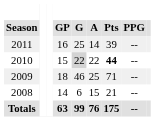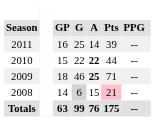 <table BORDER="0" CELLPADDING="3" CELLSPACING="0">
 <tr ALIGN="center" bgcolor="#e0e0e0">
 <th colspan="1" bgcolor="#ffffff"> </th>
 <th rowspan="99" bgcolor="#ffffff"> </th>
 <th rowspan="99" bgcolor="#ffffff"> </th>
 </tr>
 <tr ALIGN="center" bgcolor="#e0e0e0">
 <th>Season</th>
 <th>GP</th>
 <th>G</th>
 <th>A</th>
 <th>Pts</th>
 <th>PPG</th>
 <th></th>
 </tr>
 <tr ALIGN="center" bgcolor="#f0f0f0">
 <td>2011</td>
 <td>16</td>
 <td>25</td>
 <td>14</td>
 <td>39</td>
 <td>--</td>
 <td></td>
 </tr>
 <tr ALIGN="center">
 <td>2010</td>
 <td>15</td>
-<td style="background: lightgrey;">22</td>
 <td>22</td>
-<td><strong>44</strong></td>
+<td><strong>22</strong></td>
+<td>44</td>
 <td>--</td>
 <td></td>
 </tr>
 <tr ALIGN="center" bgcolor="#f0f0f0">
 <td>2009</td>
 <td>18</td>
 <td>46</td>
-<td>25</td>
+<td><strong>25</strong></td>
 <td>71</td>
 <td>--</td>
 <td></td>
 </tr>
 <tr ALIGN="center">
 <td>2008</td>
 <td>14</td>
-<td>6</td>
+<td style="background: lightgrey;">6</td>
 <td>15</td>
-<td>21</td>
+<td style="background: pink;">21</td>
 <td>--</td>
 <td></td>
 </tr>
 <tr ALIGN="center" bgcolor="#e0e0e0">
 <th colspan="1.5">Totals</th>
 <th>63</th>
 <th>99</th>
 <th>76</th>
 <th>175</th>
 <th>--</th>
 <th></th>
 </tr>
 </table>
